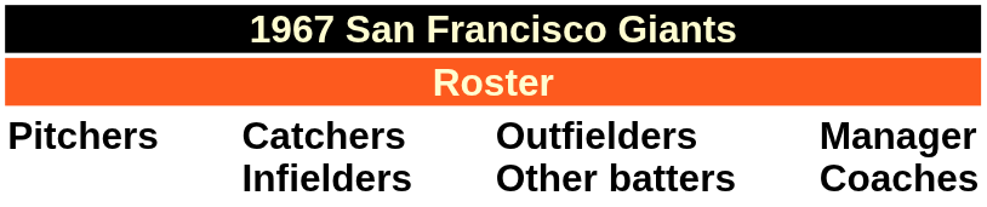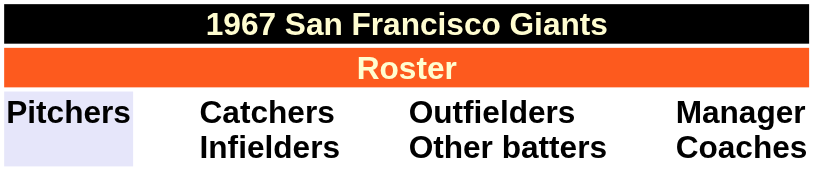 <table class="toccolours" style="font-size: 95%;">
 <tr>
 <th colspan="10" style="background-color: black; color: #FFFDD0; text-align: center;">1967 San Francisco Giants</th>
 </tr>
 <tr>
 <td colspan="10" style="background-color: #fd5a1e; color: #FFFDD0; text-align: center;"><strong>Roster</strong></td>
 </tr>
 <tr>
-<td valign="top"><strong>Pitchers</strong><br>            </td>
+<td valign="top" style="background: lavender;"><strong>Pitchers</strong><br>            </td>
 <td width="25px"></td>
 <td valign="top"><strong>Catchers</strong><br>   <strong>Infielders</strong>            </td>
 <td width="25px"></td>
 <td valign="top"><strong>Outfielders</strong><br>       <strong>Other batters</strong> </td>
 <td width="25px"></td>
 <td valign="top"><strong>Manager</strong><br> <strong>Coaches</strong>    </td>
 </tr>
 <tr>
 </tr>
 </table>
